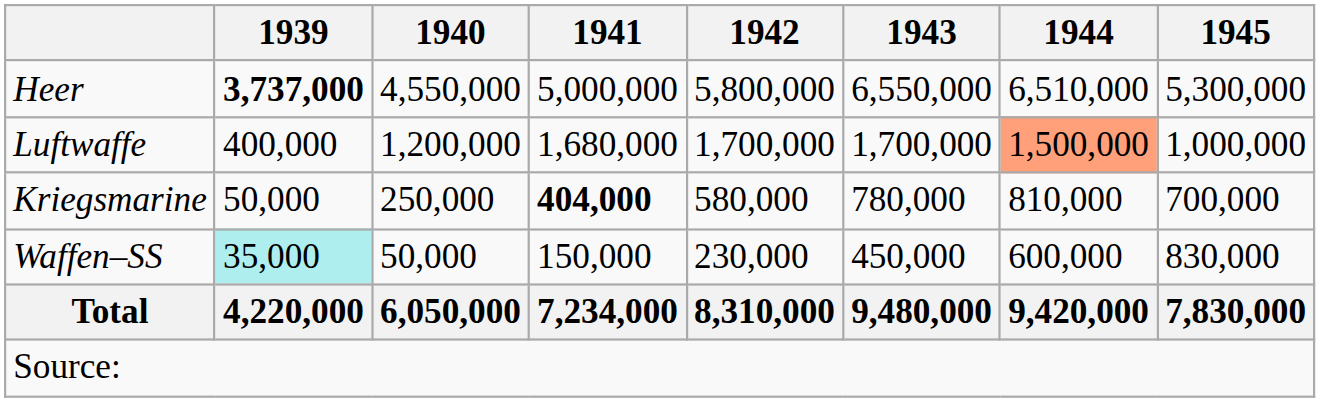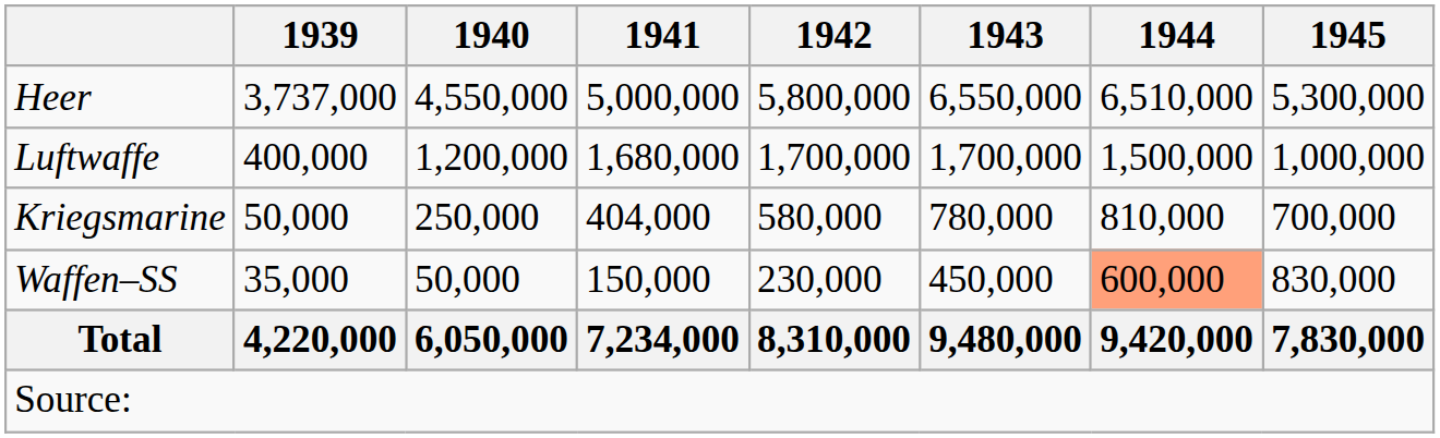 <table class="wikitable">
 <tr>
 <th></th>
 <th>1939</th>
 <th>1940</th>
 <th>1941</th>
 <th>1942</th>
 <th>1943</th>
 <th>1944</th>
 <th>1945</th>
 </tr>
 <tr>
 <td><em>Heer</em></td>
-<td><strong>3,737,000</strong></td>
+<td>3,737,000</td>
 <td>4,550,000</td>
 <td>5,000,000</td>
 <td>5,800,000</td>
 <td>6,550,000</td>
 <td>6,510,000</td>
 <td>5,300,000</td>
 </tr>
 <tr>
 <td><em>Luftwaffe</em></td>
 <td>400,000</td>
 <td>1,200,000</td>
 <td>1,680,000</td>
 <td>1,700,000</td>
 <td>1,700,000</td>
-<td style="background: lightsalmon;">1,500,000</td>
+<td>1,500,000</td>
 <td>1,000,000</td>
 </tr>
 <tr>
 <td><em>Kriegsmarine</em></td>
 <td>50,000</td>
 <td>250,000</td>
-<td><strong>404,000</strong></td>
+<td>404,000</td>
 <td>580,000</td>
 <td>780,000</td>
 <td>810,000</td>
 <td>700,000</td>
 </tr>
 <tr>
 <td><em>Waffen–SS</em></td>
-<td style="background: paleturquoise;">35,000</td>
+<td>35,000</td>
 <td>50,000</td>
 <td>150,000</td>
 <td>230,000</td>
 <td>450,000</td>
-<td>600,000</td>
+<td style="background: lightsalmon;">600,000</td>
 <td>830,000</td>
 </tr>
 <tr>
 <th>Total</th>
 <th>4,220,000</th>
 <th>6,050,000</th>
 <th>7,234,000</th>
 <th>8,310,000</th>
 <th>9,480,000</th>
 <th>9,420,000</th>
 <th>7,830,000</th>
 </tr>
 <tr>
 <td colspan=8>Source:</td>
 </tr>
 </table>
